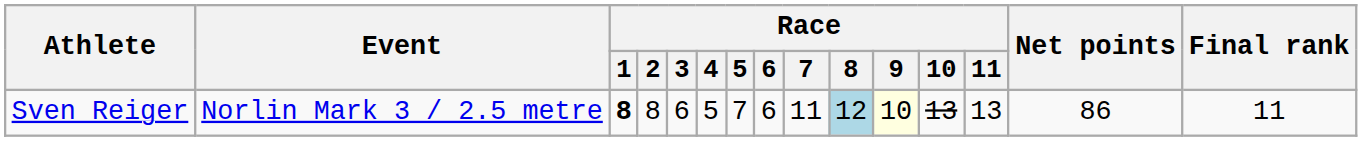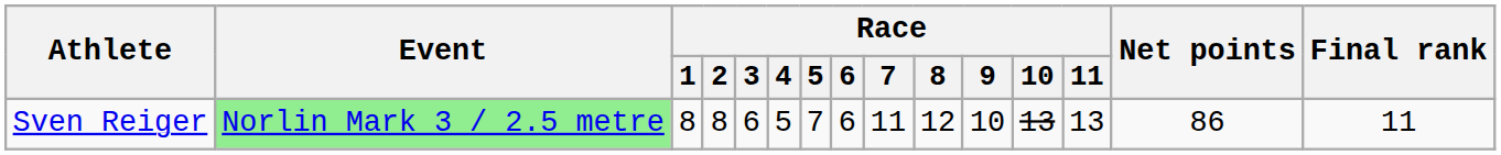 <table class="wikitable" style="font-size:90%">
 <tr>
 <th rowspan="2">Athlete</th>
 <th rowspan="2">Event</th>
 <th colspan=11>Race</th>
 <th rowspan=2>Net points</th>
 <th rowspan=2>Final rank</th>
 </tr>
 <tr style="font-size:95%">
 <th>1</th>
 <th>2</th>
 <th>3</th>
 <th>4</th>
 <th>5</th>
 <th>6</th>
 <th>7</th>
 <th>8</th>
 <th>9</th>
 <th>10</th>
 <th>11</th>
 </tr>
 <tr align=center>
 <td align=left><a href='#'>Sven Reiger</a></td>
-<td align=left><a href='#'>Norlin Mark 3 / 2.5 metre</a></td>
-<td><strong>8</strong></td>
+<td align=left style="background: lightgreen;"><a href='#'>Norlin Mark 3 / 2.5 metre</a></td>
+<td>8</td>
 <td>8</td>
 <td>6</td>
 <td>5</td>
 <td>7</td>
 <td>6</td>
 <td>11</td>
-<td style="background: lightblue;">12</td>
-<td style="background: lightyellow;">10</td>
+<td>12</td>
+<td>10</td>
 <td><s>13</s></td>
 <td>13</td>
 <td>86</td>
 <td>11</td>
 </tr>
 </table>
